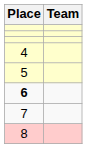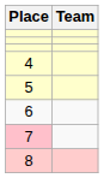 <table class="wikitable">
 <tr>
 <th>Place</th>
 <th>Team</th>
 </tr>
 <tr bgcolor=#ffffcc>
 <td align=center></td>
 <td></td>
 </tr>
 <tr bgcolor=#ffffcc>
 <td align=center></td>
 <td></td>
 </tr>
 <tr bgcolor=#ffffcc>
 <td align=center></td>
 <td></td>
 </tr>
 <tr bgcolor=#ffffcc>
 <td align=center>4</td>
 <td></td>
 </tr>
 <tr bgcolor=#ffffcc>
 <td align=center>5</td>
 <td></td>
 </tr>
 <tr>
-<td align=center><strong>6</strong></td>
+<td align=center>6</td>
 <td></td>
 </tr>
 <tr>
-<td align=center>7</td>
+<td align=center style="background: pink;">7</td>
 <td></td>
 </tr>
 <tr bgcolor=#ffcccc>
 <td align=center>8</td>
 <td></td>
 </tr>
 </table>
